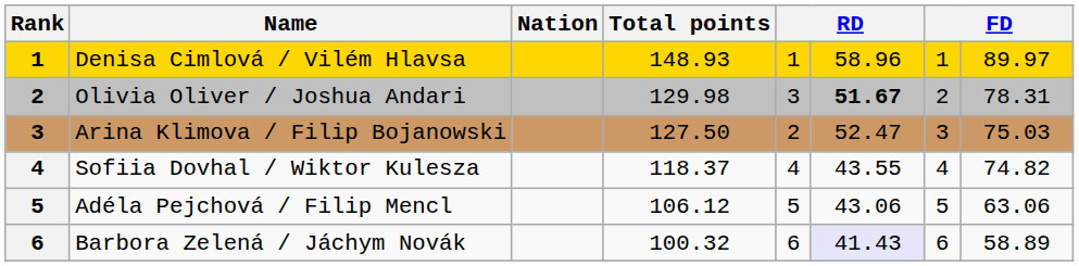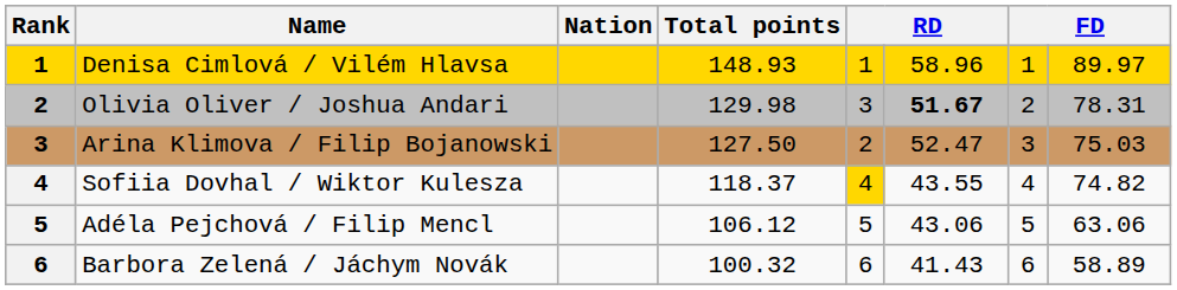 <table class="wikitable sortable">
 <tr>
 <th>Rank</th>
 <th>Name</th>
 <th>Nation</th>
 <th>Total points</th>
 <th colspan="2" width="80px"><a href='#'>RD</a></th>
 <th colspan="2" width="80px"><a href='#'>FD</a></th>
 </tr>
 <tr bgcolor="gold">
 <td align="center"><strong>1</strong></td>
 <td>Denisa Cimlová / Vilém Hlavsa</td>
 <td></td>
 <td align="center">148.93</td>
 <td align="center">1</td>
 <td align="center">58.96</td>
 <td align="center">1</td>
 <td align="center">89.97</td>
 </tr>
 <tr bgcolor="silver">
 <td align="center"><strong>2</strong></td>
 <td>Olivia Oliver / Joshua Andari</td>
 <td></td>
 <td align="center">129.98</td>
 <td align="center">3</td>
 <td align="center"><strong>51.67</strong></td>
 <td align="center">2</td>
 <td align="center">78.31</td>
 </tr>
 <tr bgcolor="cc9966">
 <td align="center"><strong>3</strong></td>
 <td>Arina Klimova / Filip Bojanowski</td>
 <td></td>
 <td align="center">127.50</td>
 <td align="center">2</td>
 <td align="center">52.47</td>
 <td align="center">3</td>
 <td align="center">75.03</td>
 </tr>
 <tr>
 <th>4</th>
 <td>Sofiia Dovhal / Wiktor Kulesza</td>
 <td></td>
 <td align="center">118.37</td>
-<td align="center">4</td>
+<td align="center" style="background: gold;">4</td>
 <td align="center">43.55</td>
 <td align="center">4</td>
 <td align="center">74.82</td>
 </tr>
 <tr>
 <th>5</th>
 <td>Adéla Pejchová / Filip Mencl</td>
 <td></td>
 <td align="center">106.12</td>
 <td align="center">5</td>
 <td align="center">43.06</td>
 <td align="center">5</td>
 <td align="center">63.06</td>
 </tr>
 <tr>
 <th>6</th>
 <td>Barbora Zelená / Jáchym Novák</td>
 <td></td>
 <td align="center">100.32</td>
 <td align="center">6</td>
-<td align="center" style="background: lavender;">41.43</td>
+<td align="center">41.43</td>
 <td align="center">6</td>
 <td align="center">58.89</td>
 </tr>
 </table>
